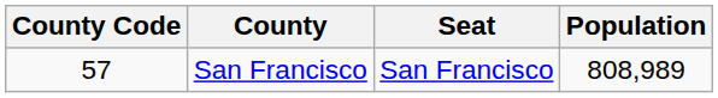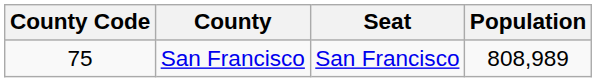 <table class="wikitable sortable" style="text-align:center;">
 <tr>
 <th> County Code</th>
 <th>County</th>
 <th>Seat</th>
 <th>Population</th>
 </tr>
 <tr>
-<td>57</td>
+<td>75</td>
 <td><a href='#'>San Francisco</a></td>
 <td><a href='#'>San Francisco</a></td>
 <td>808,989</td>
 </tr>
 </table>
